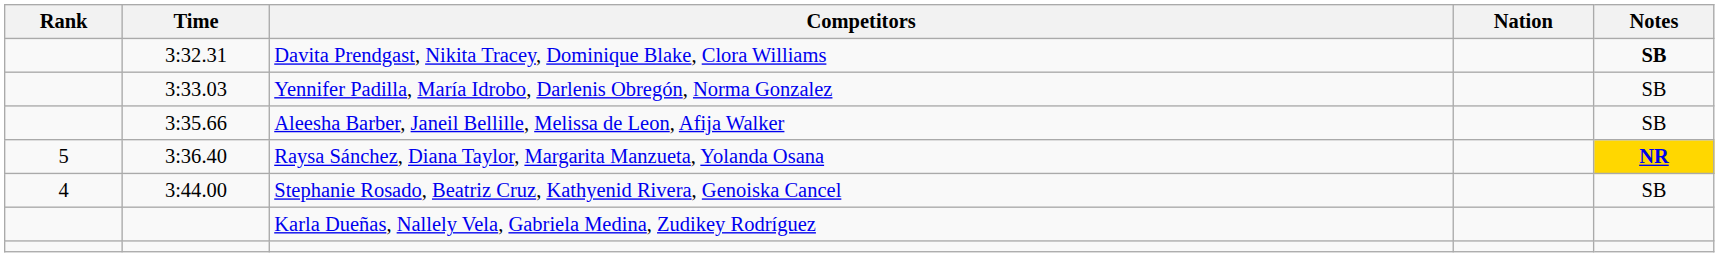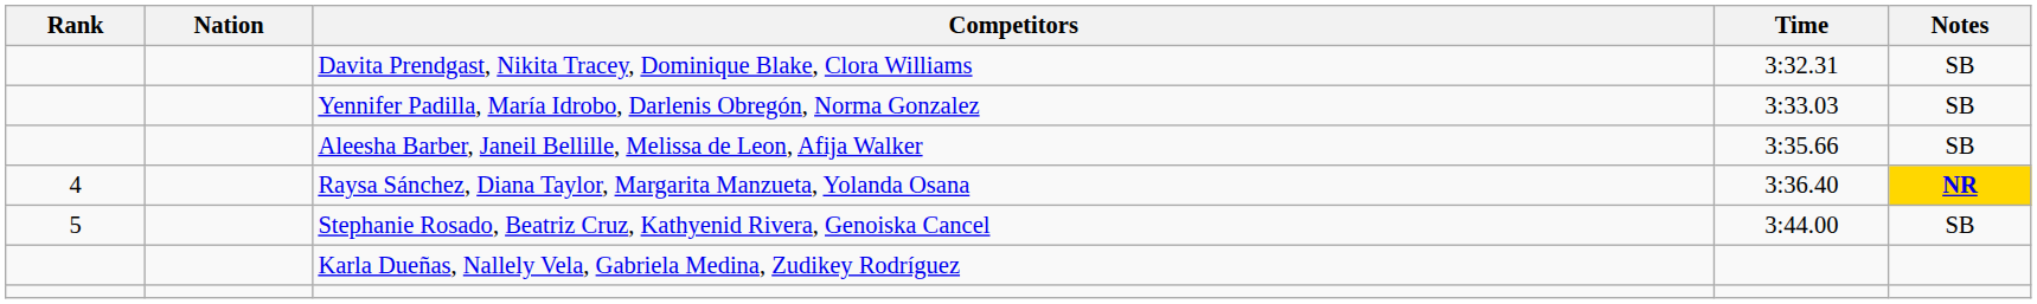 <table class="wikitable sortable" width=80% style="text-align:center; font-size:95%">
 <tr>
 <th>Rank</th>
+<th>Nation</th>
+<th>Competitors</th>
 <th>Time</th>
-<th>Competitors</th>
-<th>Nation</th>
 <th>Notes</th>
 </tr>
 <tr>
 <td></td>
+<td align=left></td>
+<td align=left><a href='#'>Davita Prendgast</a>, <a href='#'>Nikita Tracey</a>, <a href='#'>Dominique Blake</a>, <a href='#'>Clora Williams</a></td>
 <td>3:32.31</td>
-<td align=left><a href='#'>Davita Prendgast</a>, <a href='#'>Nikita Tracey</a>, <a href='#'>Dominique Blake</a>, <a href='#'>Clora Williams</a></td>
-<td align=left></td>
-<td><strong>SB</strong></td>
-</tr>
-<tr>
-<td></td>
-<td>3:33.03</td>
-<td align=left><a href='#'>Yennifer Padilla</a>, <a href='#'>María Idrobo</a>, <a href='#'>Darlenis Obregón</a>, <a href='#'>Norma Gonzalez</a></td>
-<td align=left></td>
 <td>SB</td>
 </tr>
 <tr>
 <td></td>
-<td>3:35.66</td>
-<td align=left><a href='#'>Aleesha Barber</a>, <a href='#'>Janeil Bellille</a>, <a href='#'>Melissa de Leon</a>, <a href='#'>Afija Walker</a></td>
 <td align=left></td>
-<td>SB</td>
-</tr>
-<tr>
-<td>5</td>
-<td>3:36.40</td>
-<td align=left><a href='#'>Raysa Sánchez</a>, <a href='#'>Diana Taylor</a>, <a href='#'>Margarita Manzueta</a>, <a href='#'>Yolanda Osana</a></td>
-<td align=left></td>
-<td style="background: gold;"><strong><a href='#'>NR</a></strong></td>
-</tr>
-<tr>
-<td>4</td>
-<td>3:44.00</td>
-<td align=left><a href='#'>Stephanie Rosado</a>, <a href='#'>Beatriz Cruz</a>, <a href='#'>Kathyenid Rivera</a>, <a href='#'>Genoiska Cancel</a></td>
-<td align=left></td>
+<td align=left><a href='#'>Yennifer Padilla</a>, <a href='#'>María Idrobo</a>, <a href='#'>Darlenis Obregón</a>, <a href='#'>Norma Gonzalez</a></td>
+<td>3:33.03</td>
 <td>SB</td>
 </tr>
 <tr>
 <td></td>
+<td align=left></td>
+<td align=left><a href='#'>Aleesha Barber</a>, <a href='#'>Janeil Bellille</a>, <a href='#'>Melissa de Leon</a>, <a href='#'>Afija Walker</a></td>
+<td>3:35.66</td>
+<td>SB</td>
+</tr>
+<tr>
+<td>4</td>
+<td align=left></td>
+<td align=left><a href='#'>Raysa Sánchez</a>, <a href='#'>Diana Taylor</a>, <a href='#'>Margarita Manzueta</a>, <a href='#'>Yolanda Osana</a></td>
+<td>3:36.40</td>
+<td style="background: gold;"><strong><a href='#'>NR</a></strong></td>
+</tr>
+<tr>
+<td>5</td>
+<td align=left></td>
+<td align=left><a href='#'>Stephanie Rosado</a>, <a href='#'>Beatriz Cruz</a>, <a href='#'>Kathyenid Rivera</a>, <a href='#'>Genoiska Cancel</a></td>
+<td>3:44.00</td>
+<td>SB</td>
+</tr>
+<tr>
 <td></td>
+<td align=left></td>
 <td align=left><a href='#'>Karla Dueñas</a>, <a href='#'>Nallely Vela</a>, <a href='#'>Gabriela Medina</a>, <a href='#'>Zudikey Rodríguez</a></td>
-<td align=left></td>
+<td></td>
 <td></td>
 </tr>
 <tr>
 <td></td>
-<td></td>
 <td align=left></td>
 <td align=left></td>
 <td></td>
+<td></td>
 </tr>
 </table>
